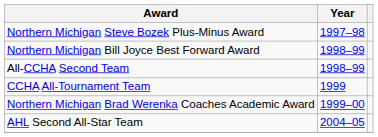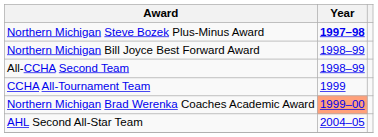 <table class="wikitable">
 <tr>
 <th>Award</th>
 <th>Year</th>
 <th></th>
 </tr>
 <tr>
 <td><a href='#'>Northern Michigan</a> <a href='#'>Steve Bozek</a> Plus-Minus Award</td>
-<td><a href='#'>1997–98</a></td>
+<td><strong><a href='#'>1997–98</a></strong></td>
 <td></td>
 </tr>
 <tr>
 <td><a href='#'>Northern Michigan</a> Bill Joyce Best Forward Award</td>
 <td><a href='#'>1998–99</a></td>
 <td></td>
 </tr>
 <tr>
 <td>All-<a href='#'>CCHA</a> <a href='#'>Second Team</a></td>
 <td><a href='#'>1998–99</a></td>
 <td></td>
 </tr>
 <tr>
 <td><a href='#'>CCHA</a> <a href='#'>All-Tournament Team</a></td>
 <td><a href='#'>1999</a></td>
 <td></td>
 </tr>
 <tr>
 <td><a href='#'>Northern Michigan</a> <a href='#'>Brad Werenka</a> Coaches Academic Award</td>
-<td><a href='#'>1999–00</a></td>
+<td style="background: lightsalmon;"><a href='#'>1999–00</a></td>
 <td></td>
 </tr>
 <tr>
 <td><a href='#'>AHL</a> Second All-Star Team</td>
 <td><a href='#'>2004–05</a></td>
 <td></td>
 </tr>
 <tr>
 </tr>
 </table>
